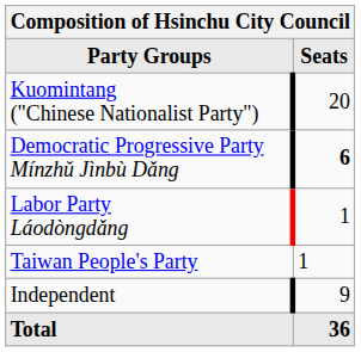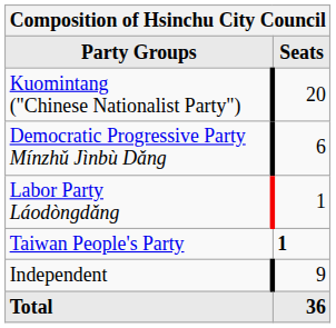 <table class="wikitable">
 <tr>
 <th colspan="2">Composition of Hsinchu City Council</th>
 </tr>
 <tr>
 <th style="background-color:#E9E9E9" align=left>Party Groups</th>
 <th style="background-color:#E9E9E9" align=right>Seats</th>
 </tr>
 <tr>
 <td style="border-right:4px solid "><a href='#'>Kuomintang</a><br>("Chinese Nationalist Party")</td>
 <td align="right">20</td>
 </tr>
 <tr>
 <td style="border-right:4px solid "><a href='#'>Democratic Progressive Party</a><br><em>Mínzhǔ Jìnbù Dǎng</em></td>
-<td align="right"><strong>6</strong></td>
+<td align="right">6</td>
 </tr>
 <tr>
 <td style="border-right:4px solid #F40000;"><a href='#'>Labor Party</a><br><em>Láodòngdǎng</em></td>
 <td align="right">1</td>
 </tr>
 <tr>
 <td><a href='#'>Taiwan People's Party</a></td>
-<td>1</td>
+<td><strong>1</strong></td>
 </tr>
 <tr>
 <td style="border-right:4px solid ">Independent</td>
 <td align="right">9</td>
 </tr>
 <tr>
 <td align=left style="background-color:#E9E9E9" align=left><strong>Total</strong></td>
 <td style="background-color:#E9E9E9" align=right><strong>36</strong></td>
 </tr>
 </table>
